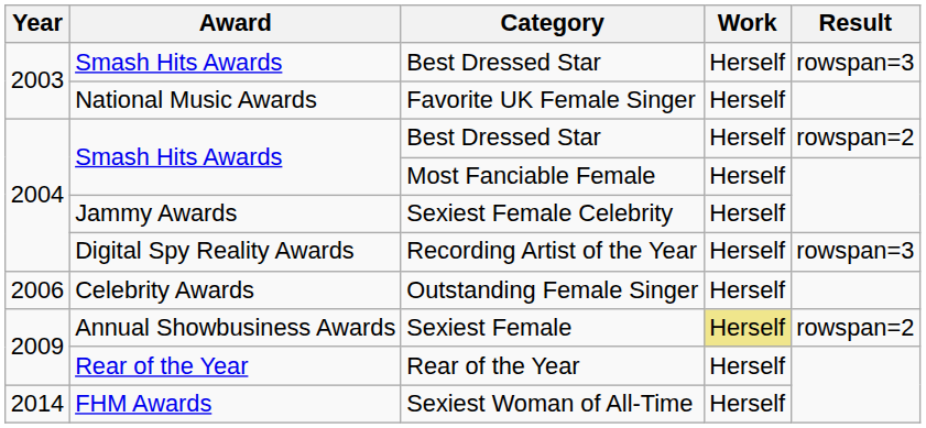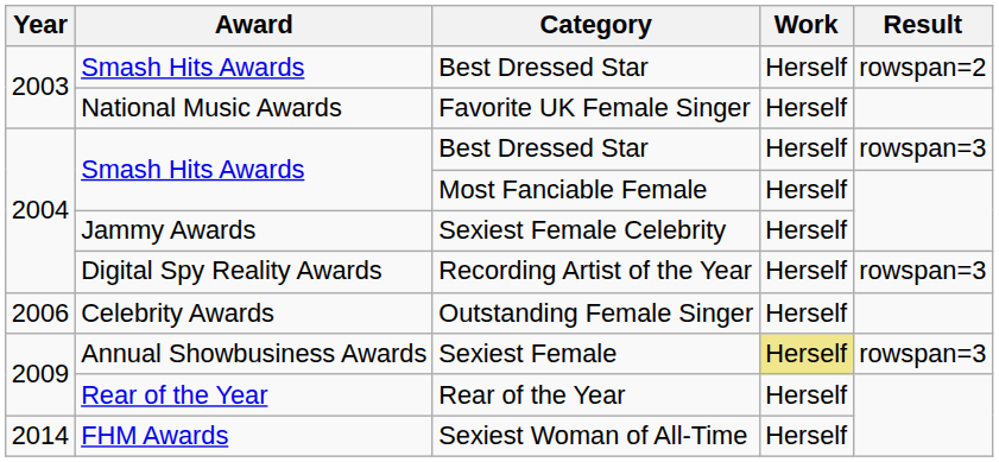 <table class="wikitable">
 <tr>
 <th>Year</th>
 <th>Award</th>
 <th>Category</th>
 <th>Work</th>
 <th>Result</th>
 </tr>
 <tr>
 <td rowspan=2>2003</td>
 <td><a href='#'>Smash Hits Awards</a></td>
 <td>Best Dressed Star</td>
 <td>Herself</td>
-<td>rowspan=3 </td>
+<td>rowspan=2 </td>
 </tr>
 <tr>
 <td>National Music Awards</td>
 <td>Favorite UK Female Singer</td>
 <td>Herself</td>
 </tr>
 <tr>
 <td rowspan=4>2004</td>
 <td rowspan=2><a href='#'>Smash Hits Awards</a></td>
 <td>Best Dressed Star</td>
 <td>Herself</td>
-<td>rowspan=2 </td>
+<td>rowspan=3 </td>
 </tr>
 <tr>
 <td>Most Fanciable Female</td>
 <td>Herself</td>
 </tr>
 <tr>
 <td>Jammy Awards</td>
 <td>Sexiest Female Celebrity</td>
 <td>Herself</td>
 </tr>
 <tr>
 <td>Digital Spy Reality Awards</td>
 <td>Recording Artist of the Year</td>
 <td>Herself</td>
 <td>rowspan=3 </td>
 </tr>
 <tr>
 <td rowspan=1>2006</td>
 <td>Celebrity Awards</td>
 <td>Outstanding Female Singer</td>
 <td>Herself</td>
 </tr>
 <tr>
 <td rowspan=2>2009</td>
 <td>Annual Showbusiness Awards</td>
 <td>Sexiest Female</td>
 <td style="background: khaki;">Herself</td>
-<td>rowspan=2 </td>
+<td>rowspan=3 </td>
 </tr>
 <tr>
 <td><a href='#'>Rear of the Year</a></td>
 <td>Rear of the Year</td>
 <td>Herself</td>
 </tr>
 <tr>
 <td>2014</td>
 <td><a href='#'>FHM Awards</a></td>
 <td>Sexiest Woman of All-Time</td>
 <td>Herself</td>
 </tr>
 </table>
